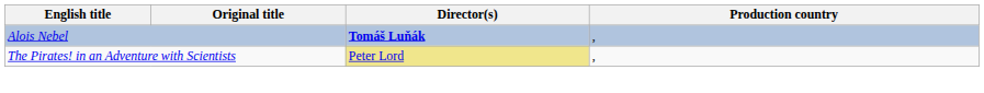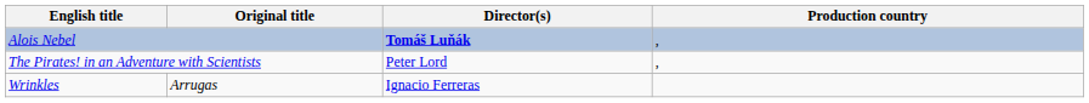 <table class="wikitable" width="95%" cellpadding="5">
 <tr>
 <th width="15%">English title</th>
 <th width="20%">Original title</th>
 <th width="25%">Director(s)</th>
 <th width="40%">Production country</th>
 </tr>
 <tr style="background:#B0C4DE;">
 <td colspan=2;><em><a href='#'>Alois Nebel</a></em></td>
 <td><strong><a href='#'>Tomáš Luňák</a></strong></td>
 <td>, </td>
 </tr>
 <tr>
 <td colspan=2;><em><a href='#'>The Pirates! in an Adventure with Scientists</a></em></td>
-<td style="background: khaki;"><a href='#'>Peter Lord</a></td>
+<td><a href='#'>Peter Lord</a></td>
 <td>, </td>
 </tr>
+<tr>
+<td><em><a href='#'>Wrinkles</a></em></td>
+<td><em>Arrugas</em></td>
+<td><a href='#'>Ignacio Ferreras</a></td>
+<td></td>
+</tr>
 </table>
